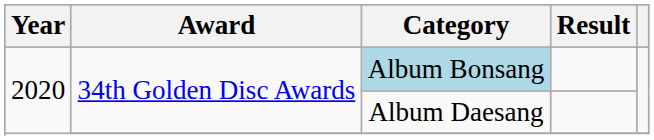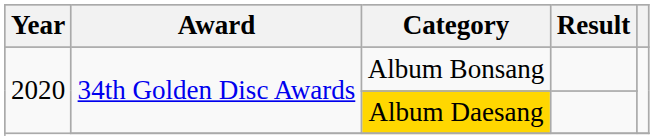 <table class="wikitable" style="text-align:center;">
 <tr>
 <th>Year</th>
 <th>Award</th>
 <th>Category</th>
 <th>Result</th>
 <th></th>
 </tr>
 <tr>
 <td rowspan="3">2020</td>
 <td rowspan="2"><a href='#'>34th Golden Disc Awards</a></td>
-<td style="background: lightblue;">Album Bonsang</td>
+<td>Album Bonsang</td>
 <td></td>
 <td rowspan="2"></td>
 </tr>
 <tr>
-<td>Album Daesang</td>
+<td style="background: gold;">Album Daesang</td>
 <td></td>
 </tr>
 <tr>
 </tr>
 </table>
